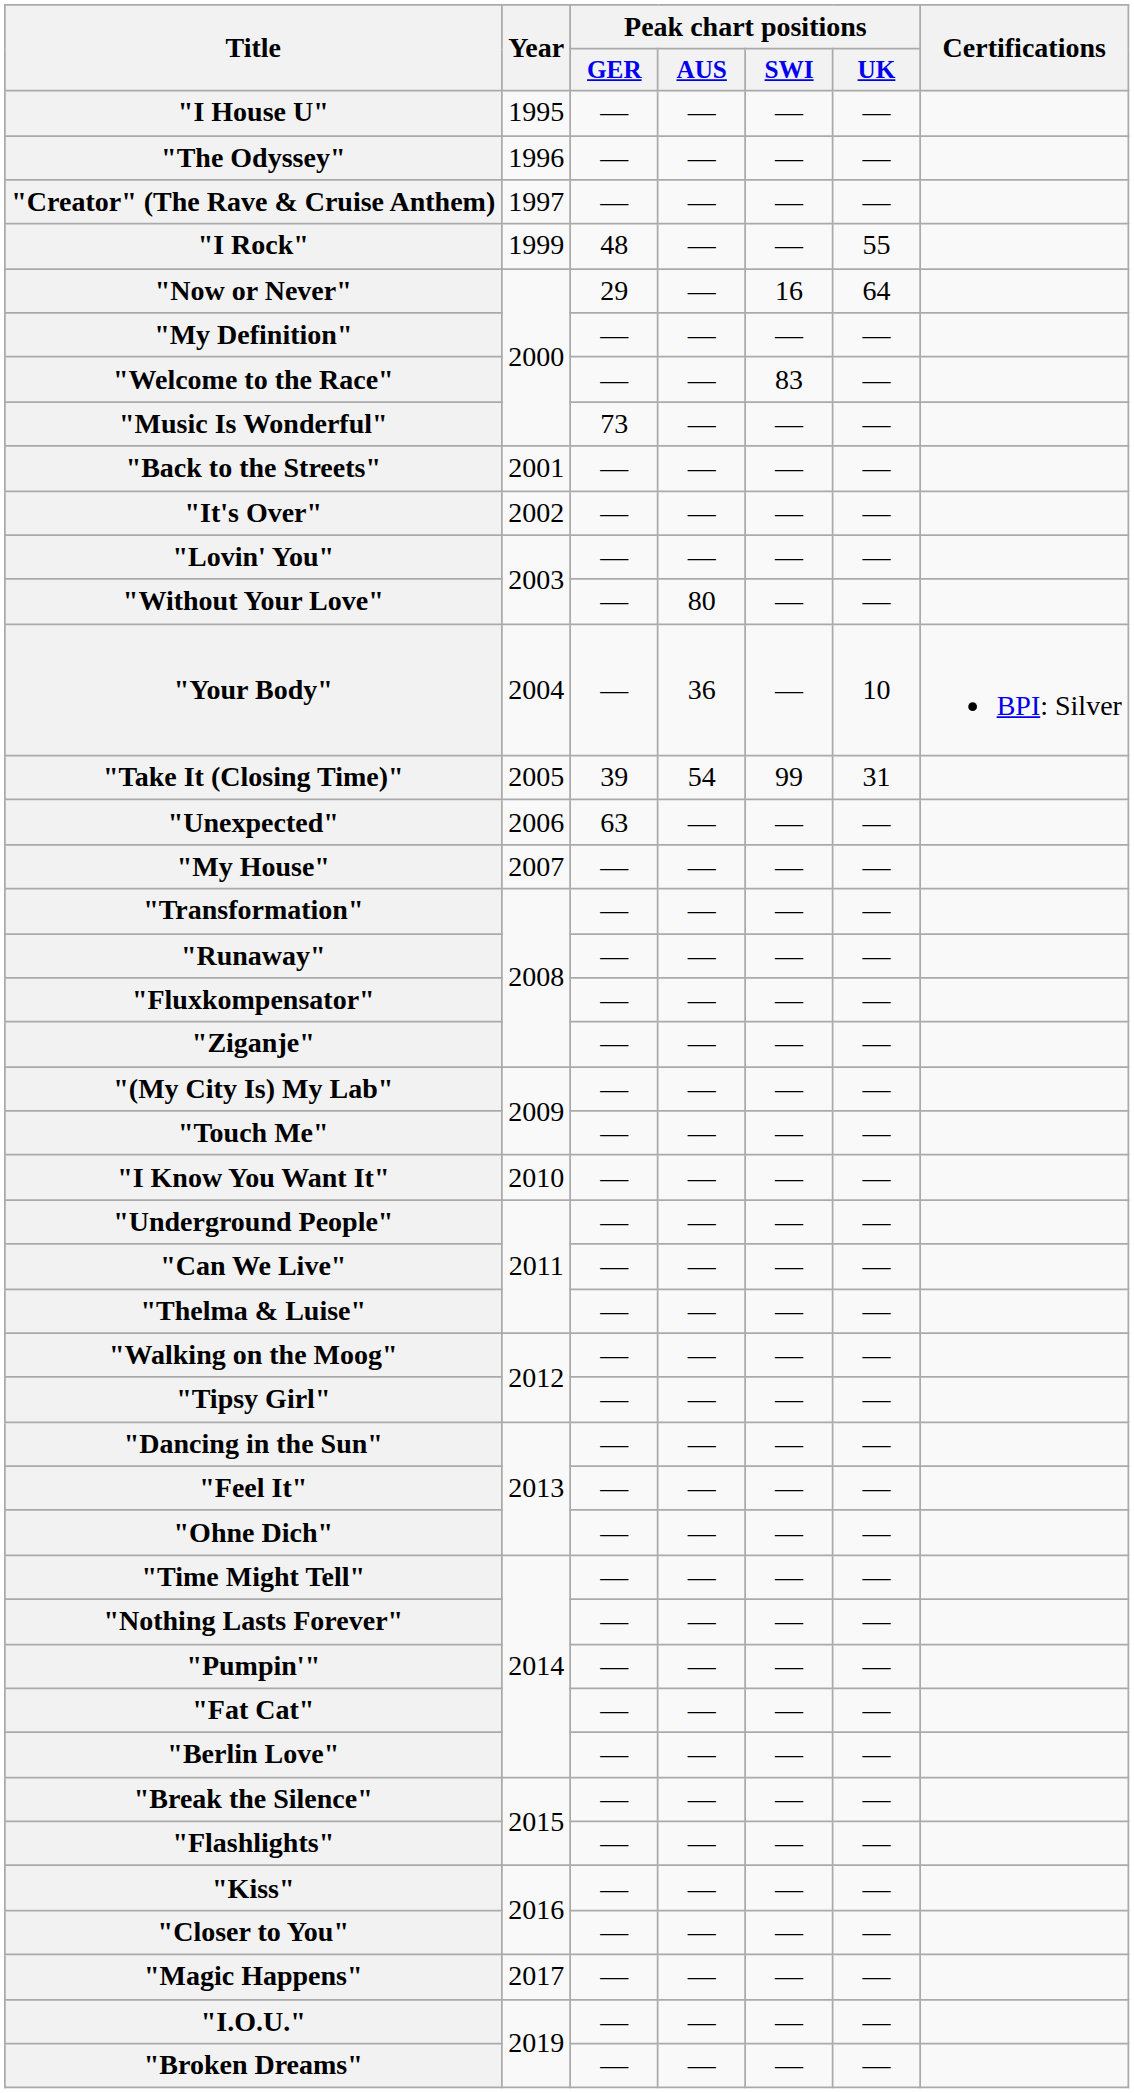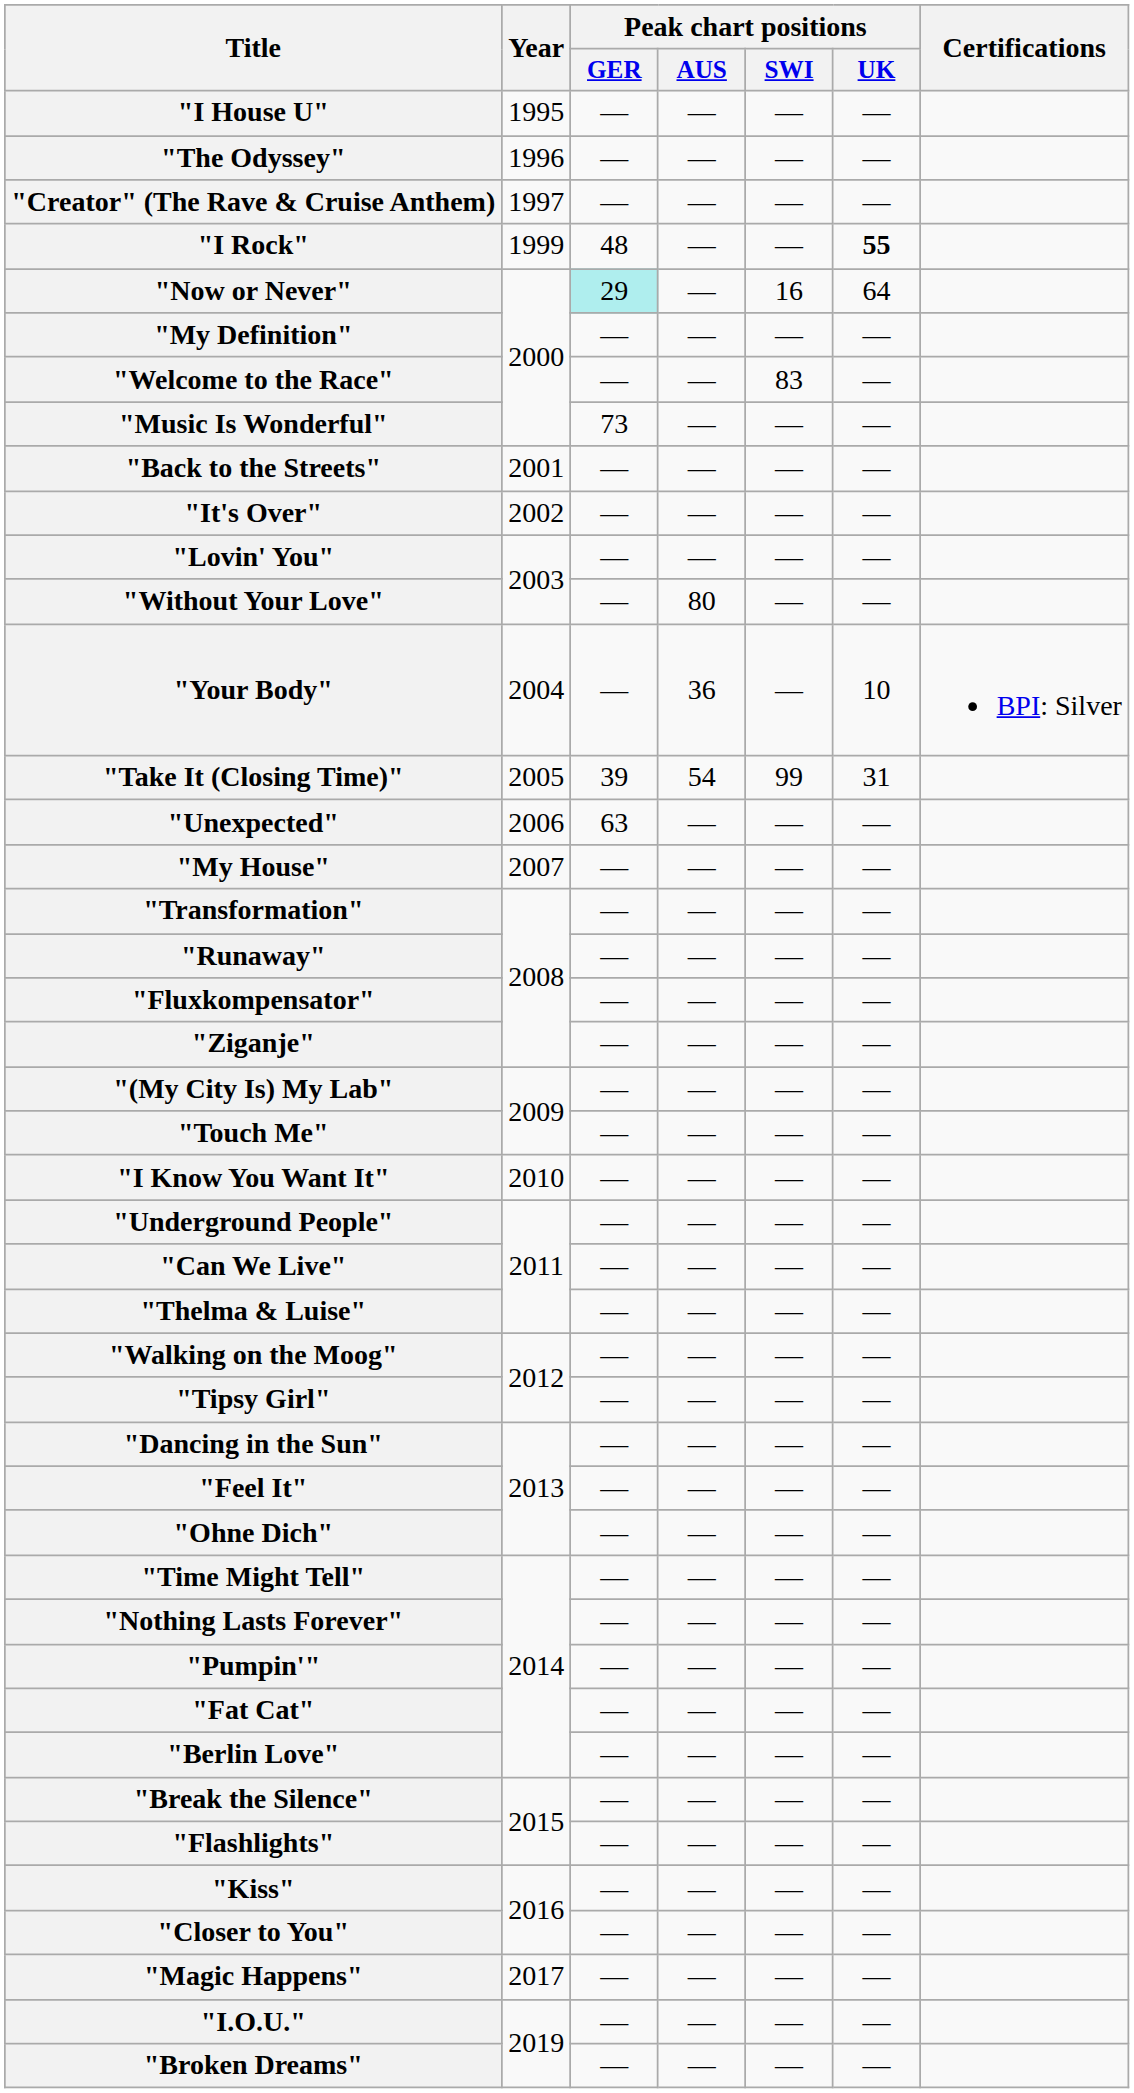 <table class="wikitable plainrowheaders" style="text-align:center;">
 <tr>
 <th scope="col" rowspan="2">Title</th>
 <th scope="col" rowspan="2">Year</th>
 <th scope="col" colspan="4">Peak chart positions</th>
 <th scope="col" rowspan="2">Certifications</th>
 </tr>
 <tr>
 <th scope="col" style="width:3em;font-size:90%;"><a href='#'>GER</a><br></th>
 <th scope="col" style="width:3em;font-size:90%;"><a href='#'>AUS</a><br></th>
 <th scope="col" style="width:3em;font-size:90%;"><a href='#'>SWI</a><br></th>
 <th scope="col" style="width:3em;font-size:90%;"><a href='#'>UK</a><br></th>
 </tr>
 <tr>
 <th scope="row">"I House U"</th>
 <td>1995</td>
 <td>—</td>
 <td>—</td>
 <td>—</td>
 <td>—</td>
 <td></td>
 </tr>
 <tr>
 <th scope="row">"The Odyssey"<br></th>
 <td>1996</td>
 <td>—</td>
 <td>—</td>
 <td>—</td>
 <td>—</td>
 <td></td>
 </tr>
 <tr>
 <th scope="row">"Creator" (The Rave & Cruise Anthem)<br></th>
 <td>1997</td>
 <td>—</td>
 <td>—</td>
 <td>—</td>
 <td>—</td>
 <td></td>
 </tr>
 <tr>
 <th scope="row">"I Rock"<br></th>
 <td>1999</td>
 <td>48</td>
 <td>—</td>
 <td>—</td>
-<td>55</td>
+<td><strong>55</strong></td>
 <td></td>
 </tr>
 <tr>
 <th scope="row">"Now or Never"<br></th>
 <td rowspan="4">2000</td>
-<td>29</td>
+<td style="background: paleturquoise;">29</td>
 <td>—</td>
 <td>16</td>
 <td>64</td>
 <td></td>
 </tr>
 <tr>
 <th scope="row">"My Definition"</th>
 <td>—</td>
 <td>—</td>
 <td>—</td>
 <td>—</td>
 <td></td>
 </tr>
 <tr>
 <th scope="row">"Welcome to the Race"<br></th>
 <td>—</td>
 <td>—</td>
 <td>83</td>
 <td>—</td>
 <td></td>
 </tr>
 <tr>
 <th scope="row">"Music Is Wonderful"<br></th>
 <td>73</td>
 <td>—</td>
 <td>—</td>
 <td>—</td>
 <td></td>
 </tr>
 <tr>
 <th scope="row">"Back to the Streets"</th>
 <td>2001</td>
 <td>—</td>
 <td>—</td>
 <td>—</td>
 <td>—</td>
 <td></td>
 </tr>
 <tr>
 <th scope="row">"It's Over"<br></th>
 <td>2002</td>
 <td>—</td>
 <td>—</td>
 <td>—</td>
 <td>—</td>
 <td></td>
 </tr>
 <tr>
 <th scope="row">"Lovin' You"<br></th>
 <td rowspan="2">2003</td>
 <td>—</td>
 <td>—</td>
 <td>—</td>
 <td>—</td>
 <td></td>
 </tr>
 <tr>
 <th scope="row">"Without Your Love"<br></th>
 <td>—</td>
 <td>80</td>
 <td>—</td>
 <td>—</td>
 <td></td>
 </tr>
 <tr>
 <th scope="row">"Your Body"<br></th>
 <td>2004</td>
 <td>—</td>
 <td>36</td>
 <td>—</td>
 <td>10</td>
 <td><br><ul><li><a href='#'>BPI</a>: Silver</li></ul></td>
 </tr>
 <tr>
 <th scope="row">"Take It (Closing Time)"<br></th>
 <td>2005</td>
 <td>39</td>
 <td>54</td>
 <td>99</td>
 <td>31</td>
 <td></td>
 </tr>
 <tr>
 <th scope="row">"Unexpected"<br></th>
 <td>2006</td>
 <td>63</td>
 <td>—</td>
 <td>—</td>
 <td>—</td>
 <td></td>
 </tr>
 <tr>
 <th scope="row">"My House"<br></th>
 <td>2007</td>
 <td>—</td>
 <td>—</td>
 <td>—</td>
 <td>—</td>
 <td></td>
 </tr>
 <tr>
 <th scope="row">"Transformation"<br></th>
 <td rowspan="4">2008</td>
 <td>—</td>
 <td>—</td>
 <td>—</td>
 <td>—</td>
 <td></td>
 </tr>
 <tr>
 <th scope="row">"Runaway"<br></th>
 <td>—</td>
 <td>—</td>
 <td>—</td>
 <td>—</td>
 <td></td>
 </tr>
 <tr>
 <th scope="row">"Fluxkompensator"<br></th>
 <td>—</td>
 <td>—</td>
 <td>—</td>
 <td>—</td>
 <td></td>
 </tr>
 <tr>
 <th scope="row">"Ziganje"<br></th>
 <td>—</td>
 <td>—</td>
 <td>—</td>
 <td>—</td>
 <td></td>
 </tr>
 <tr>
 <th scope="row">"(My City Is) My Lab"<br></th>
 <td rowspan="2">2009</td>
 <td>—</td>
 <td>—</td>
 <td>—</td>
 <td>—</td>
 <td></td>
 </tr>
 <tr>
 <th scope="row">"Touch Me"<br></th>
 <td>—</td>
 <td>—</td>
 <td>—</td>
 <td>—</td>
 <td></td>
 </tr>
 <tr>
 <th scope="row">"I Know You Want It"</th>
 <td>2010</td>
 <td>—</td>
 <td>—</td>
 <td>—</td>
 <td>—</td>
 <td></td>
 </tr>
 <tr>
 <th scope="row">"Underground People"<br></th>
 <td rowspan="3">2011</td>
 <td>—</td>
 <td>—</td>
 <td>—</td>
 <td>—</td>
 <td></td>
 </tr>
 <tr>
 <th scope="row">"Can We Live"<br></th>
 <td>—</td>
 <td>—</td>
 <td>—</td>
 <td>—</td>
 <td></td>
 </tr>
 <tr>
 <th scope="row">"Thelma & Luise"<br></th>
 <td>—</td>
 <td>—</td>
 <td>—</td>
 <td>—</td>
 <td></td>
 </tr>
 <tr>
 <th scope="row">"Walking on the Moog"</th>
 <td rowspan="2">2012</td>
 <td>—</td>
 <td>—</td>
 <td>—</td>
 <td>—</td>
 <td></td>
 </tr>
 <tr>
 <th scope="row">"Tipsy Girl"<br></th>
 <td>—</td>
 <td>—</td>
 <td>—</td>
 <td>—</td>
 <td></td>
 </tr>
 <tr>
 <th scope="row">"Dancing in the Sun"<br></th>
 <td rowspan="3">2013</td>
 <td>—</td>
 <td>—</td>
 <td>—</td>
 <td>—</td>
 <td></td>
 </tr>
 <tr>
 <th scope="row">"Feel It"<br></th>
 <td>—</td>
 <td>—</td>
 <td>—</td>
 <td>—</td>
 <td></td>
 </tr>
 <tr>
 <th scope="row">"Ohne Dich"<br></th>
 <td>—</td>
 <td>—</td>
 <td>—</td>
 <td>—</td>
 <td></td>
 </tr>
 <tr>
 <th scope="row">"Time Might Tell"<br></th>
 <td rowspan="5">2014</td>
 <td>—</td>
 <td>—</td>
 <td>—</td>
 <td>—</td>
 <td></td>
 </tr>
 <tr>
 <th scope="row">"Nothing Lasts Forever"<br></th>
 <td>—</td>
 <td>—</td>
 <td>—</td>
 <td>—</td>
 <td></td>
 </tr>
 <tr>
 <th scope="row">"Pumpin'"</th>
 <td>—</td>
 <td>—</td>
 <td>—</td>
 <td>—</td>
 <td></td>
 </tr>
 <tr>
 <th scope="row">"Fat Cat"</th>
 <td>—</td>
 <td>—</td>
 <td>—</td>
 <td>—</td>
 <td></td>
 </tr>
 <tr>
 <th scope="row">"Berlin Love"<br></th>
 <td>—</td>
 <td>—</td>
 <td>—</td>
 <td>—</td>
 <td></td>
 </tr>
 <tr>
 <th scope="row">"Break the Silence"<br></th>
 <td rowspan="2">2015</td>
 <td>—</td>
 <td>—</td>
 <td>—</td>
 <td>—</td>
 <td></td>
 </tr>
 <tr>
 <th scope="row">"Flashlights"<br></th>
 <td>—</td>
 <td>—</td>
 <td>—</td>
 <td>—</td>
 <td></td>
 </tr>
 <tr>
 <th scope="row">"Kiss"<br></th>
 <td rowspan="2">2016</td>
 <td>—</td>
 <td>—</td>
 <td>—</td>
 <td>—</td>
 <td></td>
 </tr>
 <tr>
 <th scope="row">"Closer to You"<br></th>
 <td>—</td>
 <td>—</td>
 <td>—</td>
 <td>—</td>
 <td></td>
 </tr>
 <tr>
 <th scope="row">"Magic Happens"<br></th>
 <td>2017</td>
 <td>—</td>
 <td>—</td>
 <td>—</td>
 <td>—</td>
 <td></td>
 </tr>
 <tr>
 <th scope="row">"I.O.U."</th>
 <td rowspan="2">2019</td>
 <td>—</td>
 <td>—</td>
 <td>—</td>
 <td>—</td>
 <td></td>
 </tr>
 <tr>
 <th scope="row">"Broken Dreams"<br></th>
 <td>—</td>
 <td>—</td>
 <td>—</td>
 <td>—</td>
 <td></td>
 </tr>
 </table>
